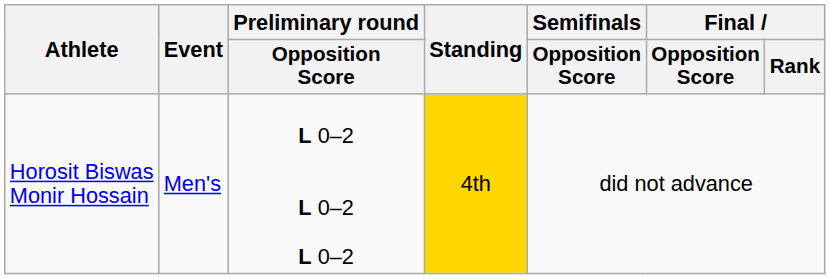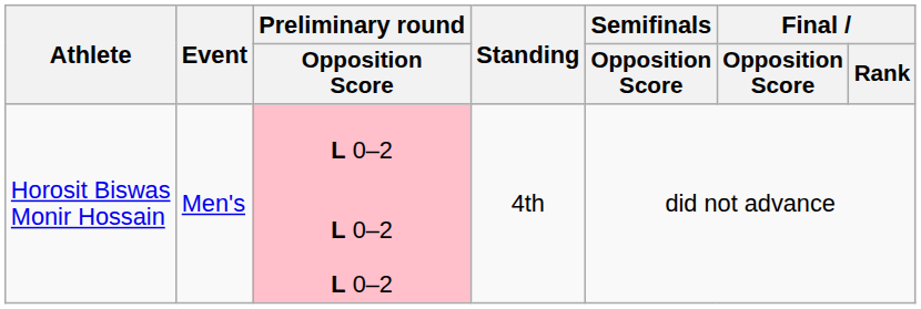 <table class=wikitable style="font-size:90%">
 <tr>
 <th rowspan="2">Athlete</th>
 <th rowspan="2">Event</th>
 <th>Preliminary round</th>
 <th rowspan="2">Standing</th>
 <th>Semifinals</th>
 <th colspan=2>Final / </th>
 </tr>
 <tr style="font-size:95%">
 <th>Opposition<br>Score</th>
 <th>Opposition<br>Score</th>
 <th>Opposition<br>Score</th>
 <th>Rank</th>
 </tr>
 <tr align=center>
 <td align=left><a href='#'>Horosit Biswas</a><br><a href='#'>Monir Hossain</a></td>
 <td rowspan=2 align=left><a href='#'>Men's</a></td>
-<td align=center> <br><strong>L</strong> 0–2 <br><br><br><strong>L</strong> 0–2 <br> <br><strong>L</strong> 0–2</td>
-<td style="background: gold;">4th</td>
+<td align=center style="background: pink;"> <br><strong>L</strong> 0–2 <br><br><br><strong>L</strong> 0–2 <br> <br><strong>L</strong> 0–2</td>
+<td>4th</td>
 <td colspan=3>did not advance</td>
 </tr>
 </table>
